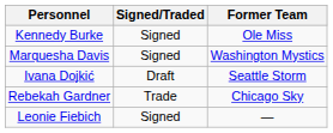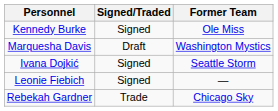 <table class="wikitable" style="text-align: center">
 <tr align="center" bgcolor="#dddddd">
 <th><strong>Personnel</strong></th>
 <th><strong>Signed/Traded</strong></th>
 <th><strong>Former Team</strong></th>
 </tr>
 <tr>
 <td><a href='#'>Kennedy Burke</a></td>
 <td>Signed</td>
 <td><a href='#'>Ole Miss</a></td>
 </tr>
 <tr>
 <td><a href='#'>Marquesha Davis</a></td>
-<td>Signed</td>
+<td>Draft</td>
 <td><a href='#'>Washington Mystics</a></td>
 </tr>
 <tr>
 <td><a href='#'>Ivana Dojkić</a></td>
-<td>Draft</td>
+<td>Signed</td>
 <td><a href='#'>Seattle Storm</a></td>
+</tr>
+<tr>
+<td><a href='#'>Leonie Fiebich</a></td>
+<td>Signed</td>
+<td>—</td>
 </tr>
 <tr>
 <td><a href='#'>Rebekah Gardner</a></td>
 <td>Trade</td>
 <td><a href='#'>Chicago Sky</a></td>
 </tr>
-<tr>
-<td><a href='#'>Leonie Fiebich</a></td>
-<td>Signed</td>
-<td>—</td>
-</tr>
 </table>
